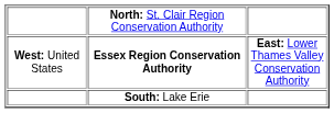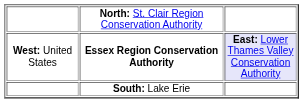 <table width="75%" border="2" align="center">
 <tr ---->
 <td width="25%" align="center"></td>
 <td width="50%" align="center"><strong>North:</strong> <a href='#'>St. Clair Region Conservation Authority</a></td>
 <td width="25%" align="center"></td>
 </tr>
 <tr ---->
 <td align="center"><strong>West:</strong> United States</td>
 <td align="center"><strong>Essex Region Conservation Authority</strong></td>
-<td align="center"><strong>East:</strong> <a href='#'>Lower Thames Valley Conservation Authority</a></td>
+<td align="center" style="background: lavender;"><strong>East:</strong> <a href='#'>Lower Thames Valley Conservation Authority</a></td>
 </tr>
 <tr ---->
 <td align="center"></td>
 <td align="center"><strong>South:</strong> Lake Erie</td>
 <td align="center"></td>
 </tr>
 </table>
